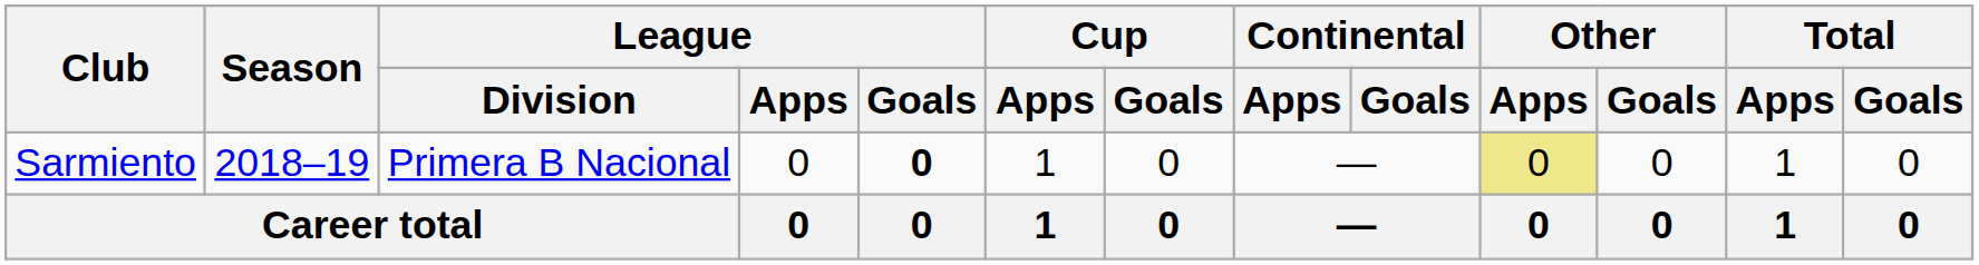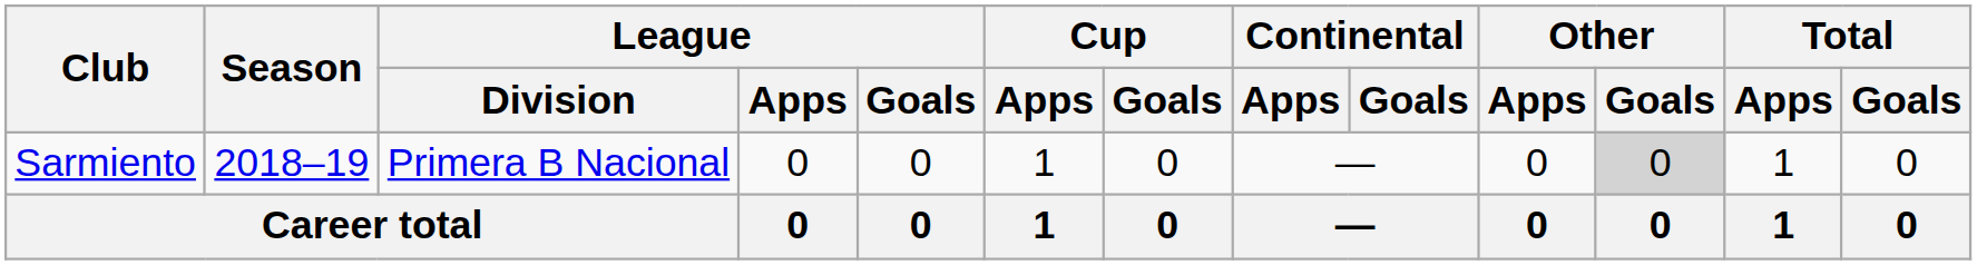 <table class="wikitable" style="text-align:center">
 <tr>
 <th rowspan="2">Club</th>
 <th rowspan="2">Season</th>
 <th colspan="3">League</th>
 <th colspan="2">Cup</th>
 <th colspan="2">Continental</th>
 <th colspan="2">Other</th>
 <th colspan="2">Total</th>
 </tr>
 <tr>
 <th>Division</th>
 <th>Apps</th>
 <th>Goals</th>
 <th>Apps</th>
 <th>Goals</th>
 <th>Apps</th>
 <th>Goals</th>
 <th>Apps</th>
 <th>Goals</th>
 <th>Apps</th>
 <th>Goals</th>
 </tr>
 <tr>
 <td rowspan="1"><a href='#'>Sarmiento</a></td>
 <td><a href='#'>2018–19</a></td>
 <td rowspan="1"><a href='#'>Primera B Nacional</a></td>
 <td>0</td>
-<td><strong>0</strong></td>
+<td>0</td>
 <td>1</td>
 <td>0</td>
 <td colspan="2">—</td>
-<td style="background: khaki;">0</td>
 <td>0</td>
+<td style="background: lightgrey;">0</td>
 <td>1</td>
 <td>0</td>
 </tr>
 <tr>
 <th colspan="3">Career total</th>
 <th>0</th>
 <th>0</th>
 <th>1</th>
 <th>0</th>
 <th colspan="2">—</th>
 <th>0</th>
 <th>0</th>
 <th>1</th>
 <th>0</th>
 </tr>
 </table>
